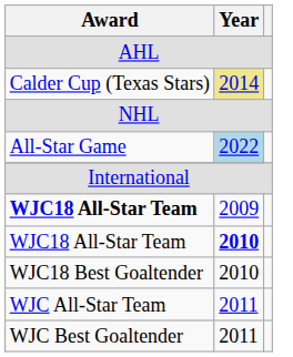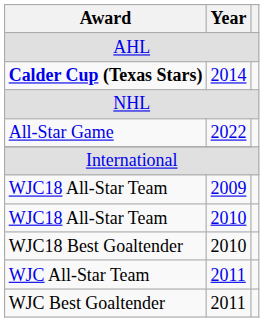 <table class="wikitable">
 <tr>
 <th>Award</th>
 <th>Year</th>
 <th></th>
 </tr>
 <tr ALIGN="center" bgcolor="#e0e0e0">
 <td colspan="3"><a href='#'>AHL</a></td>
 </tr>
 <tr>
-<td><a href='#'>Calder Cup</a> (Texas Stars)</td>
-<td style="background: khaki;"><a href='#'>2014</a></td>
+<td><strong><a href='#'>Calder Cup</a> (Texas Stars)</strong></td>
+<td><a href='#'>2014</a></td>
 <td></td>
 </tr>
 <tr ALIGN="center" bgcolor="#e0e0e0">
 <td colspan="3"><a href='#'>NHL</a></td>
 </tr>
 <tr>
 <td><a href='#'>All-Star Game</a></td>
-<td style="background: lightblue;"><a href='#'>2022</a></td>
+<td><a href='#'>2022</a></td>
 </tr>
 <tr>
 </tr>
 <tr ALIGN="center" bgcolor="#e0e0e0">
 <td colspan="3"><a href='#'>International</a></td>
 </tr>
 <tr>
-<td><strong><a href='#'>WJC18</a> All-Star Team</strong></td>
+<td><a href='#'>WJC18</a> All-Star Team</td>
 <td><a href='#'>2009</a></td>
 <td></td>
 </tr>
 <tr>
 <td><a href='#'>WJC18</a> All-Star Team</td>
-<td><strong><a href='#'>2010</a></strong></td>
+<td><a href='#'>2010</a></td>
 <td></td>
 </tr>
 <tr>
 <td>WJC18 Best Goaltender</td>
 <td>2010</td>
 <td></td>
 </tr>
 <tr>
 <td><a href='#'>WJC</a> All-Star Team</td>
 <td><a href='#'>2011</a></td>
 <td></td>
 </tr>
 <tr>
 <td>WJC Best Goaltender</td>
 <td>2011</td>
 <td></td>
 </tr>
 </table>
